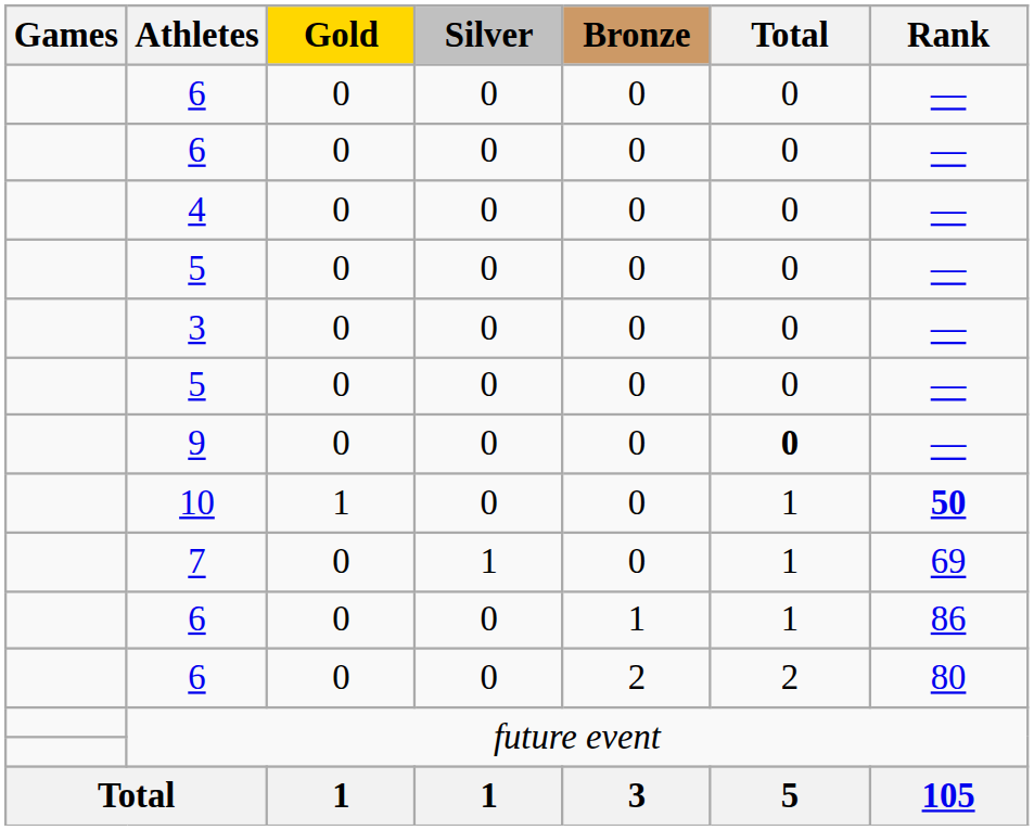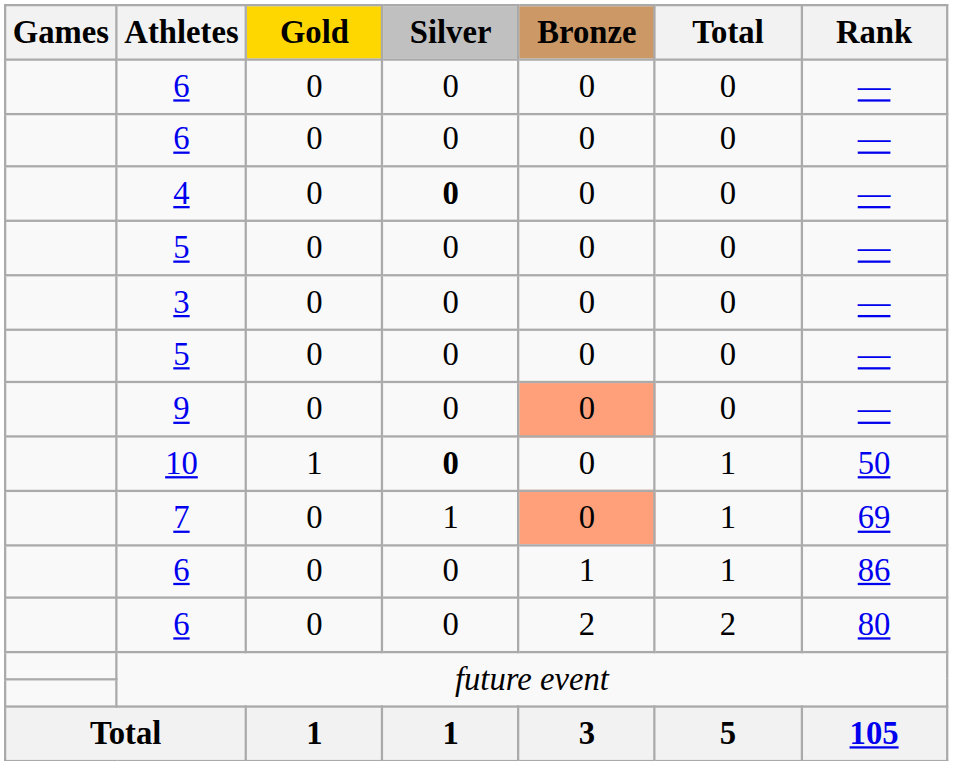 <table class="wikitable" style="text-align:center; font-size:90%;">
 <tr>
 <th>Games</th>
 <th>Athletes</th>
 <td style="background:gold; width:3.7em; font-weight:bold;">Gold</td>
 <td style="background:silver; width:3.7em; font-weight:bold;">Silver</td>
 <td style="background:#cc9966; width:3.7em; font-weight:bold;">Bronze</td>
 <th style="width:4em; font-weight:bold;">Total</th>
 <th style="width:4em; font-weight:bold;">Rank</th>
 </tr>
 <tr>
 <td align=left></td>
 <td><a href='#'>6</a></td>
 <td>0</td>
 <td>0</td>
 <td>0</td>
 <td>0</td>
 <td><a href='#'>—</a></td>
 </tr>
 <tr>
 <td align=left></td>
 <td><a href='#'>6</a></td>
 <td>0</td>
 <td>0</td>
 <td>0</td>
 <td>0</td>
 <td><a href='#'>—</a></td>
 </tr>
 <tr>
 <td align=left></td>
 <td><a href='#'>4</a></td>
 <td>0</td>
-<td>0</td>
+<td><strong>0</strong></td>
 <td>0</td>
 <td>0</td>
 <td><a href='#'>—</a></td>
 </tr>
 <tr>
 <td align=left></td>
 <td><a href='#'>5</a></td>
 <td>0</td>
 <td>0</td>
 <td>0</td>
 <td>0</td>
 <td><a href='#'>—</a></td>
 </tr>
 <tr>
 <td align=left></td>
 <td><a href='#'>3</a></td>
 <td>0</td>
 <td>0</td>
 <td>0</td>
 <td>0</td>
 <td><a href='#'>—</a></td>
 </tr>
 <tr>
 <td align=left></td>
 <td><a href='#'>5</a></td>
 <td>0</td>
 <td>0</td>
 <td>0</td>
 <td>0</td>
 <td><a href='#'>—</a></td>
 </tr>
 <tr>
 <td align=left></td>
 <td><a href='#'>9</a></td>
 <td>0</td>
 <td>0</td>
+<td style="background: lightsalmon;">0</td>
 <td>0</td>
-<td><strong>0</strong></td>
 <td><a href='#'>—</a></td>
 </tr>
 <tr>
 <td align=left></td>
 <td><a href='#'>10</a></td>
 <td>1</td>
-<td>0</td>
+<td><strong>0</strong></td>
 <td>0</td>
 <td>1</td>
-<td><strong><a href='#'>50</a></strong></td>
+<td><a href='#'>50</a></td>
 </tr>
 <tr>
 <td align=left></td>
 <td><a href='#'>7</a></td>
 <td>0</td>
 <td>1</td>
-<td>0</td>
+<td style="background: lightsalmon;">0</td>
 <td>1</td>
 <td><a href='#'>69</a></td>
 </tr>
 <tr>
 <td align=left></td>
 <td><a href='#'>6</a></td>
 <td>0</td>
 <td>0</td>
 <td>1</td>
 <td>1</td>
 <td><a href='#'>86</a></td>
 </tr>
 <tr>
 <td align=left></td>
 <td><a href='#'>6</a></td>
 <td>0</td>
 <td>0</td>
 <td>2</td>
 <td>2</td>
 <td><a href='#'>80</a></td>
 </tr>
 <tr>
 <td align=left></td>
 <td colspan=6; rowspan=2><em>future event</em></td>
 </tr>
 <tr>
 <td align=left></td>
 </tr>
 <tr>
 <th colspan=2>Total</th>
 <th>1</th>
 <th>1</th>
 <th>3</th>
 <th>5</th>
 <th><a href='#'>105</a></th>
 </tr>
 </table>
